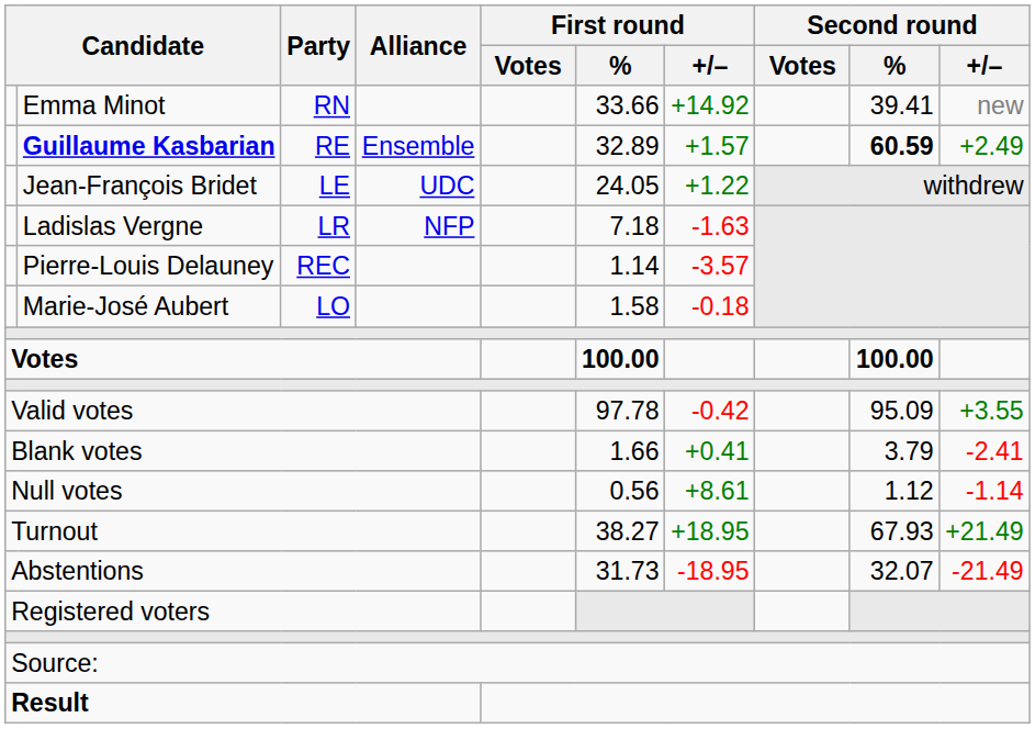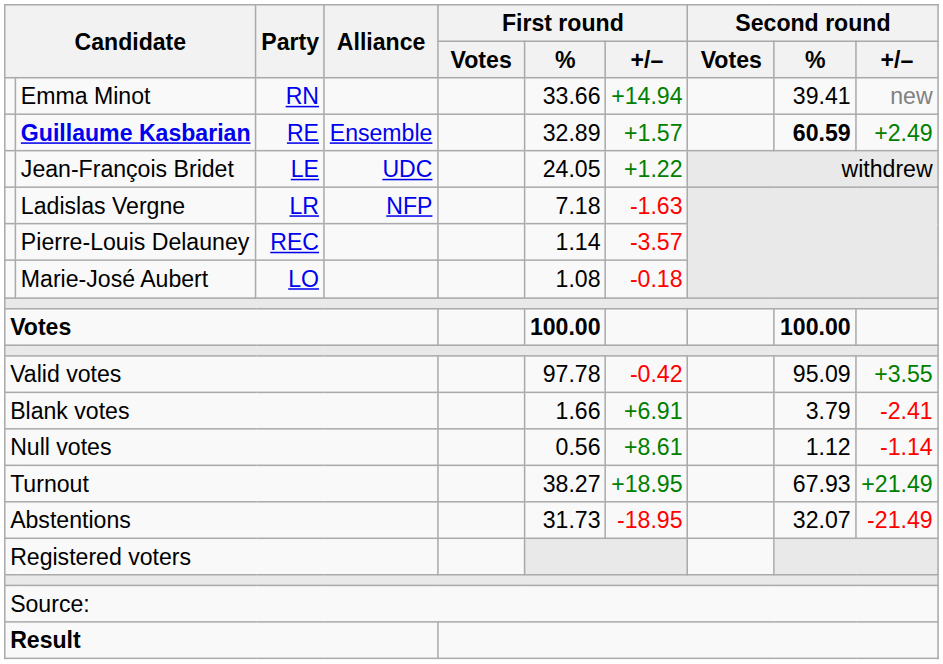 <table class="wikitable" style="text-align:right;font-size:95%;">
 <tr>
 <th rowspan="2" colspan="2">Candidate</th>
 <th colspan="1" rowspan="2">Party</th>
 <th colspan="1" rowspan="2">Alliance</th>
 <th colspan="3">First round</th>
 <th colspan="3">Second round</th>
 </tr>
 <tr>
 <th style="width:50px;">Votes</th>
 <th style="width:45px;">%</th>
 <th style="width:45px;">+/–</th>
 <th style="width:50px;">Votes</th>
 <th style="width:45px;">%</th>
 <th style="width:45px;">+/–</th>
 </tr>
 <tr>
 <td style="color:inherit;background:"></td>
 <td style="text-align:left;">Emma Minot</td>
 <td><a href='#'>RN</a></td>
 <td></td>
 <td></td>
 <td>33.66</td>
-<td style="color:green;">+14.92</td>
+<td style="color:green;">+14.94</td>
 <td></td>
 <td>39.41</td>
 <td style="color:grey;">new</td>
 </tr>
 <tr>
 <td style="color:inherit;background:"></td>
 <td style="text-align:left;"><strong><a href='#'>Guillaume Kasbarian</a></strong></td>
 <td><a href='#'>RE</a></td>
 <td><a href='#'>Ensemble</a></td>
 <td></td>
 <td>32.89</td>
 <td style="color:green;">+1.57</td>
 <td><strong></strong></td>
 <td><strong>60.59</strong></td>
 <td style="color:green;">+2.49</td>
 </tr>
 <tr>
 <td style="color:inherit;background:"></td>
 <td style="text-align:left;">Jean-François Bridet</td>
 <td><a href='#'>LE</a></td>
 <td><a href='#'>UDC</a></td>
 <td></td>
 <td>24.05</td>
 <td style="color:green;">+1.22</td>
 <td colspan="3" rowspan="1" style="background:#E9E9E9;">withdrew</td>
 </tr>
 <tr>
 <td style="color:inherit;background:"></td>
 <td style="text-align:left;">Ladislas Vergne</td>
 <td><a href='#'>LR</a></td>
 <td><a href='#'>NFP</a></td>
 <td></td>
 <td>7.18</td>
 <td style="color:red;">-1.63</td>
 <td colspan="3" rowspan="3" style="background:#E9E9E9;"></td>
 </tr>
 <tr>
 <td style="color:inherit;background:"></td>
 <td style="text-align:left;">Pierre-Louis Delauney</td>
 <td><a href='#'>REC</a></td>
 <td></td>
 <td></td>
 <td>1.14</td>
 <td style="color:red;">-3.57</td>
 </tr>
 <tr>
 <td style="color:inherit;background:"></td>
 <td style="text-align:left;">Marie-José Aubert</td>
 <td><a href='#'>LO</a></td>
 <td></td>
 <td></td>
-<td>1.58</td>
+<td>1.08</td>
 <td style="color:red;">-0.18</td>
 </tr>
 <tr>
 <td colspan="10" style="background:#E9E9E9;"></td>
 </tr>
 <tr style="font-weight:bold;">
 <td colspan="4" style="text-align:left;">Votes</td>
 <td></td>
 <td>100.00</td>
 <td></td>
 <td></td>
 <td>100.00</td>
 <td></td>
 </tr>
 <tr>
 <td colspan="10" style="background:#E9E9E9;"></td>
 </tr>
 <tr>
 <td colspan="4" style="text-align:left;">Valid votes</td>
 <td></td>
 <td>97.78</td>
 <td style="color:red;">-0.42</td>
 <td></td>
 <td>95.09</td>
 <td style="color:green;">+3.55</td>
 </tr>
 <tr>
 <td colspan="4" style="text-align:left;">Blank votes</td>
 <td></td>
 <td>1.66</td>
-<td style="color:green;">+0.41</td>
+<td style="color:green;">+6.91</td>
 <td></td>
 <td>3.79</td>
 <td style="color:red;">-2.41</td>
 </tr>
 <tr>
 <td colspan="4" style="text-align:left;">Null votes</td>
 <td></td>
 <td>0.56</td>
 <td style="color:green;">+8.61</td>
 <td></td>
 <td>1.12</td>
 <td style="color:red;">-1.14</td>
 </tr>
 <tr>
 <td colspan="4" style="text-align:left;">Turnout</td>
 <td></td>
 <td>38.27</td>
 <td style="color:green;">+18.95</td>
 <td></td>
 <td>67.93</td>
 <td style="color:green;">+21.49</td>
 </tr>
 <tr>
 <td colspan="4" style="text-align:left;">Abstentions</td>
 <td></td>
 <td>31.73</td>
 <td style="color:red;">-18.95</td>
 <td></td>
 <td>32.07</td>
 <td style="color:red;">-21.49</td>
 </tr>
 <tr>
 <td colspan="4" style="text-align:left;">Registered voters</td>
 <td></td>
 <td colspan="2" style="background:#E9E9E9;"></td>
 <td></td>
 <td colspan="2" style="background:#E9E9E9;"></td>
 </tr>
 <tr>
 <td colspan="10" style="background:#E9E9E9;"></td>
 </tr>
 <tr>
 <td colspan="10" style="text-align:left;">Source: </td>
 </tr>
 <tr style="font-weight:bold">
 <td colspan="4" style="text-align:left;">Result</td>
 <td colspan="6" style="background-color:"></td>
 </tr>
 </table>
